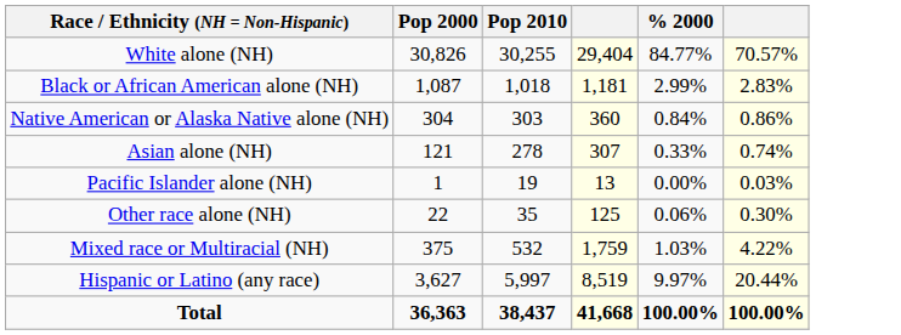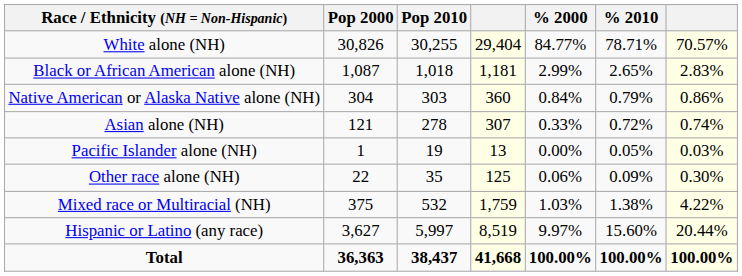 <table class="wikitable" style="text-align:center;">
 <tr>
 <th>Race / Ethnicity <small>(<em>NH = Non-Hispanic</em>)</small></th>
 <th>Pop 2000</th>
 <th>Pop 2010</th>
 <th></th>
 <th>% 2000</th>
+<th>% 2010</th>
 <th></th>
 </tr>
 <tr>
 <td><a href='#'>White</a> alone (NH)</td>
 <td>30,826</td>
 <td>30,255</td>
 <td style='background: #ffffe6;'>29,404</td>
 <td>84.77%</td>
+<td>78.71%</td>
 <td style='background: #ffffe6;'>70.57%</td>
 </tr>
 <tr>
 <td><a href='#'>Black or African American</a> alone (NH)</td>
 <td>1,087</td>
 <td>1,018</td>
 <td style='background: #ffffe6;'>1,181</td>
 <td>2.99%</td>
+<td>2.65%</td>
 <td style='background: #ffffe6;'>2.83%</td>
 </tr>
 <tr>
 <td><a href='#'>Native American</a> or <a href='#'>Alaska Native</a> alone (NH)</td>
 <td>304</td>
 <td>303</td>
 <td style='background: #ffffe6;'>360</td>
 <td>0.84%</td>
+<td>0.79%</td>
 <td style='background: #ffffe6;'>0.86%</td>
 </tr>
 <tr>
 <td><a href='#'>Asian</a> alone (NH)</td>
 <td>121</td>
 <td>278</td>
 <td style='background: #ffffe6;'>307</td>
 <td>0.33%</td>
+<td>0.72%</td>
 <td style='background: #ffffe6;'>0.74%</td>
 </tr>
 <tr>
 <td><a href='#'>Pacific Islander</a> alone (NH)</td>
 <td>1</td>
 <td>19</td>
 <td style='background: #ffffe6;'>13</td>
 <td>0.00%</td>
+<td>0.05%</td>
 <td style='background: #ffffe6;'>0.03%</td>
 </tr>
 <tr>
 <td><a href='#'>Other race</a> alone (NH)</td>
 <td>22</td>
 <td>35</td>
 <td style='background: #ffffe6;'>125</td>
 <td>0.06%</td>
+<td>0.09%</td>
 <td style='background: #ffffe6;'>0.30%</td>
 </tr>
 <tr>
 <td><a href='#'>Mixed race or Multiracial</a> (NH)</td>
 <td>375</td>
 <td>532</td>
 <td style='background: #ffffe6;'>1,759</td>
 <td>1.03%</td>
+<td>1.38%</td>
 <td style='background: #ffffe6;'>4.22%</td>
 </tr>
 <tr>
 <td><a href='#'>Hispanic or Latino</a> (any race)</td>
 <td>3,627</td>
 <td>5,997</td>
 <td style='background: #ffffe6;'>8,519</td>
 <td>9.97%</td>
+<td>15.60%</td>
 <td style='background: #ffffe6;'>20.44%</td>
 </tr>
 <tr>
 <td><strong>Total</strong></td>
 <td><strong>36,363</strong></td>
 <td><strong>38,437</strong></td>
 <td style='background: #ffffe6;'><strong>41,668</strong></td>
 <td><strong>100.00%</strong></td>
+<td><strong>100.00%</strong></td>
 <td style='background: #ffffe6;'><strong>100.00%</strong></td>
 </tr>
 </table>
